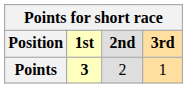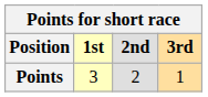 <table class="wikitable" style="font-size:85%; text-align:center">
 <tr>
 <th colspan=4>Points for short race</th>
 </tr>
 <tr>
 <th>Position</th>
 <td style="background:#ffffbf;"> <strong>1st</strong> </td>
 <td style="background:#dfdfdf;"> <strong>2nd</strong> </td>
 <td style="background:#ffdf9f;"> <strong>3rd</strong> </td>
 </tr>
 <tr>
 <th>Points</th>
-<td style="background:#ffffbf;"><strong>3</strong></td>
+<td style="background:#ffffbf;">3</td>
 <td style="background:#dfdfdf;">2</td>
 <td style="background:#ffdf9f;">1</td>
 </tr>
 </table>
